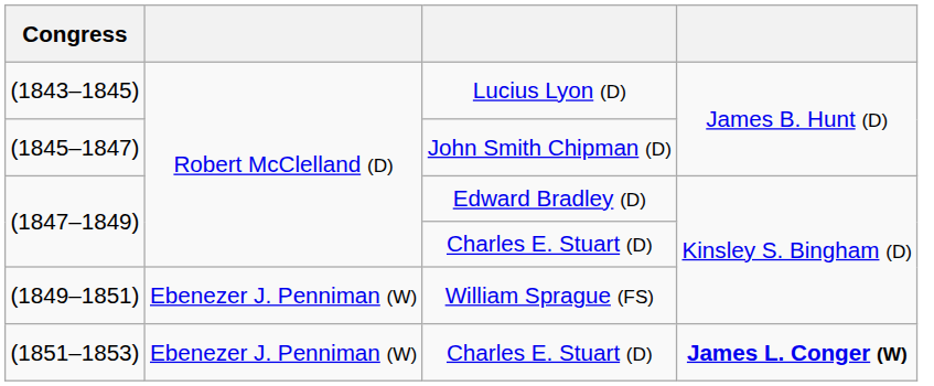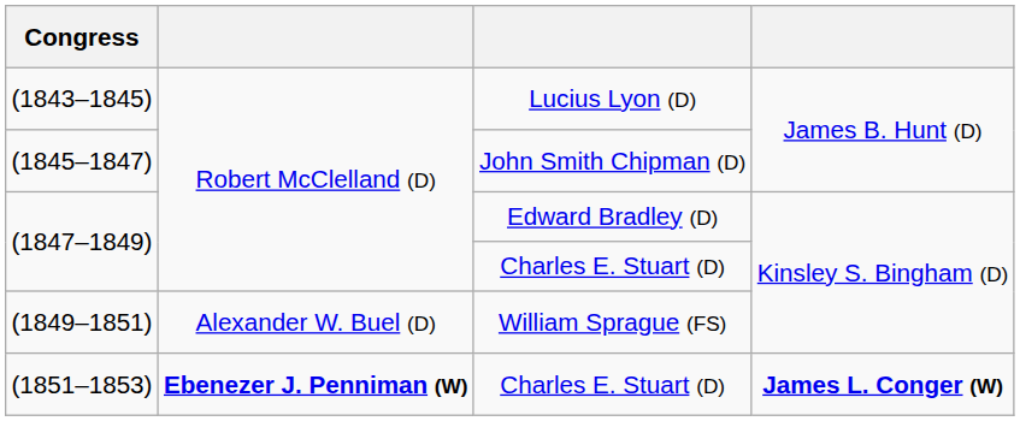 <table class=wikitable style="text-align:center">
 <tr style="height:2.5em">
 <th>Cong­ress</th>
 <th></th>
 <th></th>
 <th></th>
 </tr>
 <tr style="height:2.5em">
 <td><strong></strong> (1843–1845)</td>
 <td rowspan=4 ><a href='#'>Robert McClelland</a> <small>(D)</small></td>
 <td><a href='#'>Lucius Lyon</a> <small>(D)</small></td>
 <td rowspan=2 ><a href='#'>James B. Hunt</a> <small>(D)</small></td>
 </tr>
 <tr style="height:2.5em">
 <td><strong></strong> (1845–1847)</td>
 <td><a href='#'>John Smith Chipman</a> <small>(D)</small></td>
 </tr>
 <tr style="height:2em">
 <td rowspan=2><strong></strong> (1847–1849)</td>
 <td><a href='#'>Edward Bradley</a> <small>(D)</small></td>
 <td rowspan=3 ><a href='#'>Kinsley S. Bingham</a> <small>(D)</small></td>
 </tr>
 <tr style="height:2em">
 <td><a href='#'>Charles E. Stuart</a> <small>(D)</small></td>
 </tr>
 <tr style="height:2.5em">
 <td><strong></strong> (1849–1851)</td>
-<td><a href='#'>Ebenezer J. Penniman</a> <small>(W)</small></td>
+<td><a href='#'>Alexander W. Buel</a> <small>(D)</small></td>
 <td><a href='#'>William Sprague</a> <small>(FS)</small></td>
 </tr>
 <tr style="height:2.5em">
 <td><strong></strong> (1851–1853)</td>
-<td><a href='#'>Ebenezer J. Penniman</a> <small>(W)</small></td>
+<td><strong><a href='#'>Ebenezer J. Penniman</a> <small>(W)</small></strong></td>
 <td><a href='#'>Charles E. Stuart</a> <small>(D)</small></td>
 <td><strong><a href='#'>James L. Conger</a> <small>(W)</small></strong></td>
 </tr>
 </table>
